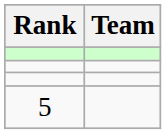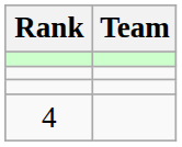 <table class="wikitable">
 <tr>
 <th style="width: 40px;">Rank</th>
 <th>Team</th>
 </tr>
 <tr style="background: #CCFFCC;">
 <td style="text-align: center;"></td>
 <td></td>
 </tr>
 <tr>
 <td style="text-align: center;"></td>
 <td></td>
 </tr>
 <tr>
 <td style="text-align: center;"></td>
 <td></td>
 </tr>
 <tr>
-<td style="text-align: center;">5</td>
+<td style="text-align: center;">4</td>
 <td></td>
 </tr>
 </table>
